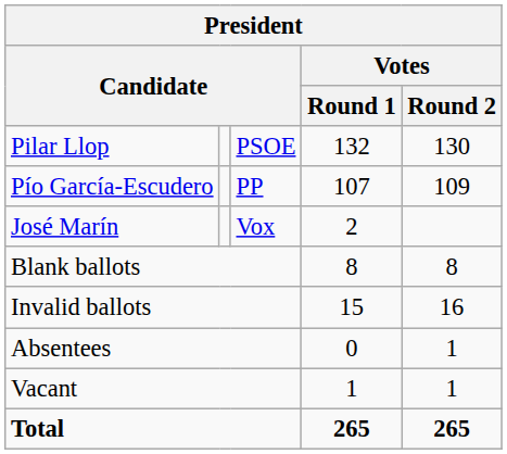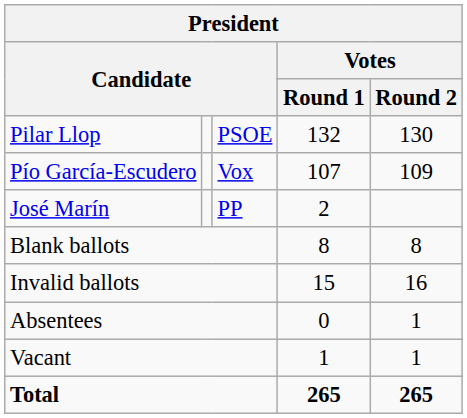 <table class="wikitable" style="font-size:95%; text-align:center;">
 <tr>
 <th colspan="5">President</th>
 </tr>
 <tr>
 <th colspan="3" rowspan="2">Candidate</th>
 <th colspan="2">Votes</th>
 </tr>
 <tr>
 <th>Round 1</th>
 <th>Round 2</th>
 </tr>
 <tr>
 <td align="left"> <a href='#'>Pilar Llop</a></td>
 <td style="background:"></td>
 <td align="left"><a href='#'>PSOE</a></td>
 <td>132</td>
 <td>130</td>
 </tr>
 <tr>
 <td align="left"> <a href='#'>Pío García-Escudero</a></td>
 <td style="background:"></td>
-<td align="left"><a href='#'>PP</a></td>
+<td align="left"><a href='#'>Vox</a></td>
 <td>107</td>
 <td>109</td>
 </tr>
 <tr>
 <td align="left"> <a href='#'>José Marín</a></td>
 <td style="background:"></td>
-<td align="left"><a href='#'>Vox</a></td>
+<td align="left"><a href='#'>PP</a></td>
 <td>2</td>
 <td></td>
 </tr>
 <tr>
 <td align=left colspan="3">Blank ballots</td>
 <td>8</td>
 <td>8</td>
 </tr>
 <tr>
 <td align=left colspan="3">Invalid ballots</td>
 <td>15</td>
 <td>16</td>
 </tr>
 <tr>
 <td align=left colspan="3">Absentees</td>
 <td>0</td>
 <td>1</td>
 </tr>
 <tr>
 <td align=left colspan="3">Vacant</td>
 <td>1</td>
 <td>1</td>
 </tr>
 <tr style="font-weight:bold">
 <td align=left colspan="3">Total</td>
 <td>265</td>
 <td>265</td>
 </tr>
 </table>
